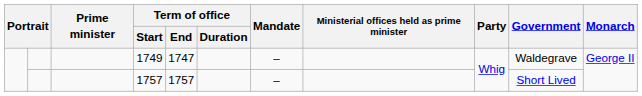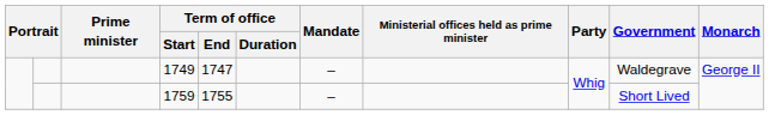 <table class="wikitable" style="line-height:1.4em; text-align:center">
 <tr>
 <th colspan="2" rowspan="2" scope="col">Portrait</th>
 <th rowspan="2" scope="col">Prime minister</th>
 <th colspan="3" scope="colgroup">Term of office</th>
 <th rowspan="2" scope="col">Mandate</th>
 <th rowspan="2" style="font-size:small; line-height:normal" scope="col">Ministerial offices held as prime minister</th>
 <th rowspan="2" scope="col">Party</th>
 <th rowspan="2" scope="col"><a href='#'>Government</a></th>
 <th rowspan="2" scope="col"><a href='#'>Monarch</a></th>
 </tr>
 <tr>
 <th>Start</th>
 <th>End</th>
 <th>Duration</th>
 </tr>
 <tr>
 <td rowspan=2 style="background:"></td>
 <td></td>
 <td></td>
 <td class=nowrap> 1749</td>
 <td class=nowrap> 1747</td>
 <td></td>
 <td>–</td>
 <td></td>
 <td rowspan=2 ><a href='#'>Whig</a></td>
 <td class=nowrap >Waldegrave</td>
 <td rowspan=2 style="vertical-align: top;"><a href='#'>George II</a></td>
 </tr>
 <tr>
 <td></td>
 <td></td>
-<td class=nowrap> 1757</td>
-<td class=nowrap> 1757</td>
+<td class=nowrap> 1759</td>
+<td class=nowrap> 1755</td>
 <td></td>
 <td>–</td>
 <td></td>
 <td class=nowrap ><a href='#'>Short Lived</a></td>
 </tr>
 </table>
